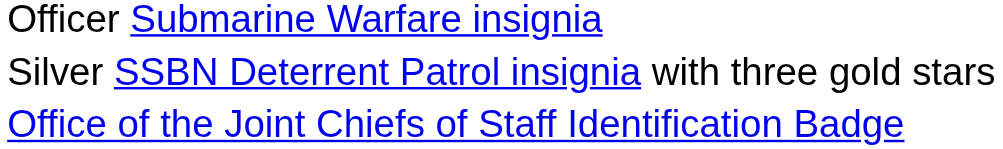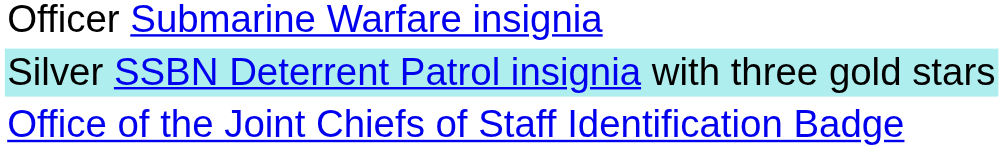 <table>
 <tr>
 <td> Officer <a href='#'>Submarine Warfare insignia</a></td>
 </tr>
 <tr>
-<td><span></span><span></span><span></span> Silver <a href='#'>SSBN Deterrent Patrol insignia</a> with three gold stars</td>
+<td style="background: paleturquoise;"><span></span><span></span><span></span> Silver <a href='#'>SSBN Deterrent Patrol insignia</a> with three gold stars</td>
 </tr>
 <tr>
 <td> <a href='#'>Office of the Joint Chiefs of Staff Identification Badge</a></td>
 </tr>
 </table>
